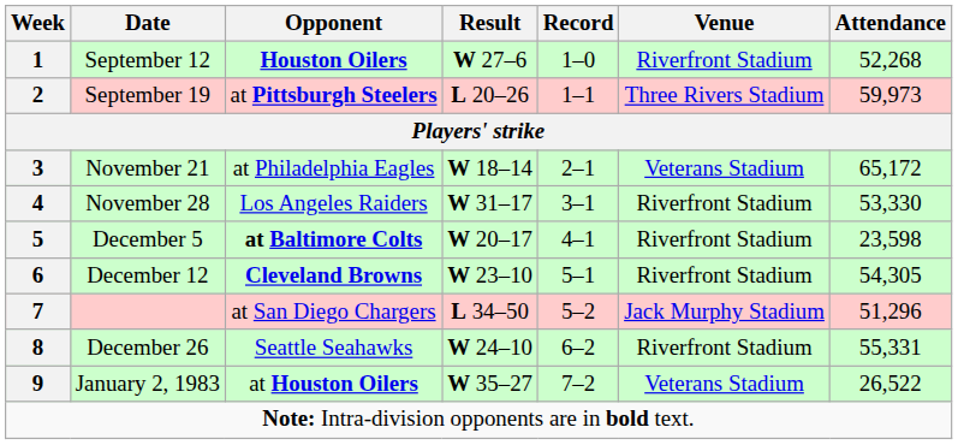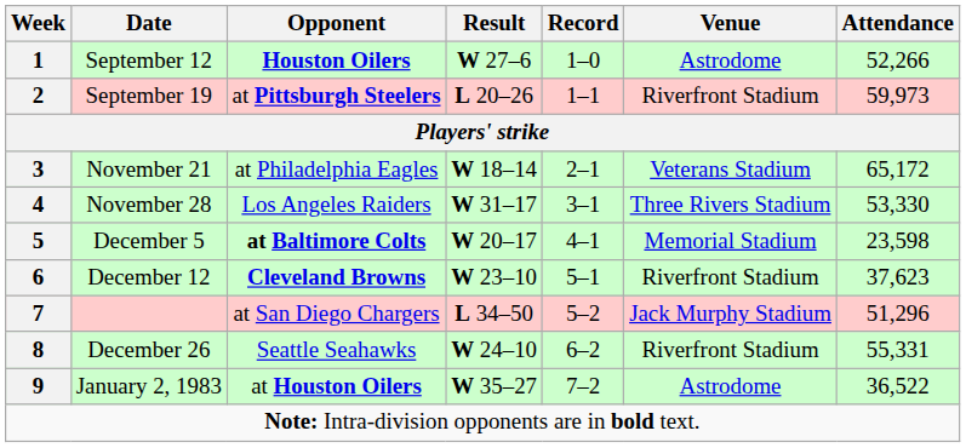 <table class="wikitable" style="text-align:center">
 <tr>
 <th>Week</th>
 <th>Date</th>
 <th>Opponent</th>
 <th>Result</th>
 <th>Record</th>
 <th>Venue</th>
 <th>Attendance</th>
 </tr>
 <tr style="background:#cfc">
 <th>1</th>
 <td>September 12</td>
 <td><strong><a href='#'>Houston Oilers</a></strong></td>
 <td><strong>W</strong> 27–6</td>
 <td>1–0</td>
-<td><a href='#'>Riverfront Stadium</a></td>
-<td>52,268</td>
+<td><a href='#'>Astrodome</a></td>
+<td>52,266</td>
 </tr>
 <tr style="background:#fcc">
 <th>2</th>
 <td>September 19</td>
 <td>at <strong><a href='#'>Pittsburgh Steelers</a></strong></td>
 <td><strong>L</strong> 20–26</td>
 <td>1–1</td>
-<td><a href='#'>Three Rivers Stadium</a></td>
+<td>Riverfront Stadium</td>
 <td>59,973</td>
 </tr>
 <tr>
 <th colspan="7"><em>Players' strike</em></th>
 </tr>
 <tr style="background:#cfc">
 <th>3</th>
 <td>November 21</td>
 <td>at <a href='#'>Philadelphia Eagles</a></td>
 <td><strong>W</strong> 18–14</td>
 <td>2–1</td>
 <td><a href='#'>Veterans Stadium</a></td>
 <td>65,172</td>
 </tr>
 <tr style="background:#cfc">
 <th>4</th>
 <td>November 28</td>
 <td><a href='#'>Los Angeles Raiders</a></td>
 <td><strong>W</strong> 31–17</td>
 <td>3–1</td>
-<td>Riverfront Stadium</td>
+<td><a href='#'>Three Rivers Stadium</a></td>
 <td>53,330</td>
 </tr>
 <tr style="background:#cfc">
 <th>5</th>
 <td>December 5</td>
 <td><strong>at <a href='#'>Baltimore Colts</a></strong></td>
 <td><strong>W</strong> 20–17</td>
 <td>4–1</td>
-<td>Riverfront Stadium</td>
+<td><a href='#'>Memorial Stadium</a></td>
 <td>23,598</td>
 </tr>
 <tr style="background:#cfc">
 <th>6</th>
 <td>December 12</td>
 <td><strong><a href='#'>Cleveland Browns</a></strong></td>
 <td><strong>W</strong> 23–10</td>
 <td>5–1</td>
 <td>Riverfront Stadium</td>
-<td>54,305</td>
+<td>37,623</td>
 </tr>
 <tr style="background:#fcc">
 <th>7</th>
 <td></td>
 <td>at <a href='#'>San Diego Chargers</a></td>
 <td><strong>L</strong> 34–50</td>
 <td>5–2</td>
 <td><a href='#'>Jack Murphy Stadium</a></td>
 <td>51,296</td>
 </tr>
 <tr style="background:#cfc">
 <th>8</th>
 <td>December 26</td>
 <td><a href='#'>Seattle Seahawks</a></td>
 <td><strong>W</strong> 24–10</td>
 <td>6–2</td>
 <td>Riverfront Stadium</td>
 <td>55,331</td>
 </tr>
 <tr style="background:#cfc">
 <th>9</th>
 <td>January 2, 1983</td>
 <td>at <strong><a href='#'>Houston Oilers</a></strong></td>
 <td><strong>W</strong> 35–27</td>
 <td>7–2</td>
-<td><a href='#'>Veterans Stadium</a></td>
-<td>26,522</td>
+<td><a href='#'>Astrodome</a></td>
+<td>36,522</td>
 </tr>
 <tr>
 <td colspan="7"><strong>Note:</strong> Intra-division opponents are in <strong>bold</strong> text.</td>
 </tr>
 </table>
